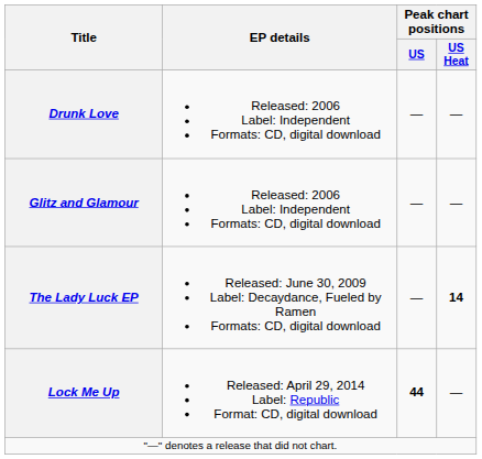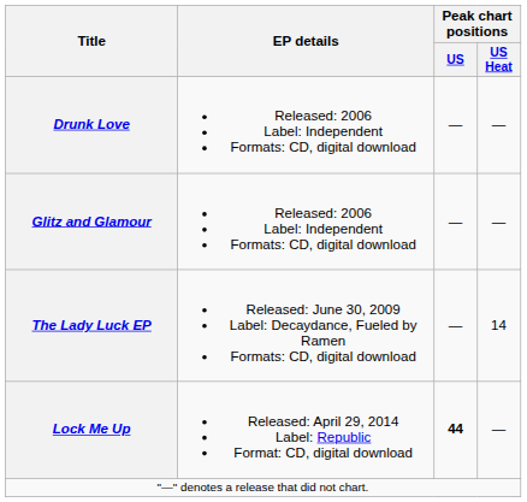 <table class="wikitable plainrowheaders" style="text-align:center;">
 <tr>
 <th scope="col" rowspan="2" style="width:12em;">Title</th>
 <th scope="col" rowspan="2" style="width:18em;">EP details</th>
 <th scope="col" colspan="2">Peak chart positions</th>
 </tr>
 <tr>
 <th scope="col" style="width:3em;font-size:90%;"><a href='#'>US</a><br></th>
 <th scope="col" style="width:3em;font-size:90%;"><a href='#'>US Heat</a><br></th>
 </tr>
 <tr>
 <th scope="row"><em><a href='#'>Drunk Love</a></em></th>
 <td><br><ul><li>Released: 2006</li><li>Label: Independent</li><li>Formats: CD, digital download</li></ul></td>
 <td>—</td>
 <td>—</td>
 </tr>
 <tr>
 <th scope="row"><em><a href='#'>Glitz and Glamour</a></em></th>
 <td><br><ul><li>Released: 2006</li><li>Label: Independent</li><li>Formats: CD, digital download</li></ul></td>
 <td>—</td>
 <td>—</td>
 </tr>
 <tr>
 <th scope="row"><em><a href='#'>The Lady Luck EP</a></em></th>
 <td><br><ul><li>Released: June 30, 2009</li><li>Label: Decaydance, Fueled by Ramen</li><li>Formats: CD, digital download</li></ul></td>
 <td>—</td>
-<td><strong>14</strong></td>
+<td>14</td>
 </tr>
 <tr>
 <th scope="row"><em><a href='#'>Lock Me Up</a></em></th>
 <td><br><ul><li>Released: April 29, 2014</li><li>Label: <a href='#'>Republic</a></li><li>Format: CD, digital download</li></ul></td>
 <td><strong>44</strong></td>
 <td>—</td>
 </tr>
 <tr>
 <td colspan="8" style="font-size:85%">"—" denotes a release that did not chart.</td>
 </tr>
 </table>
